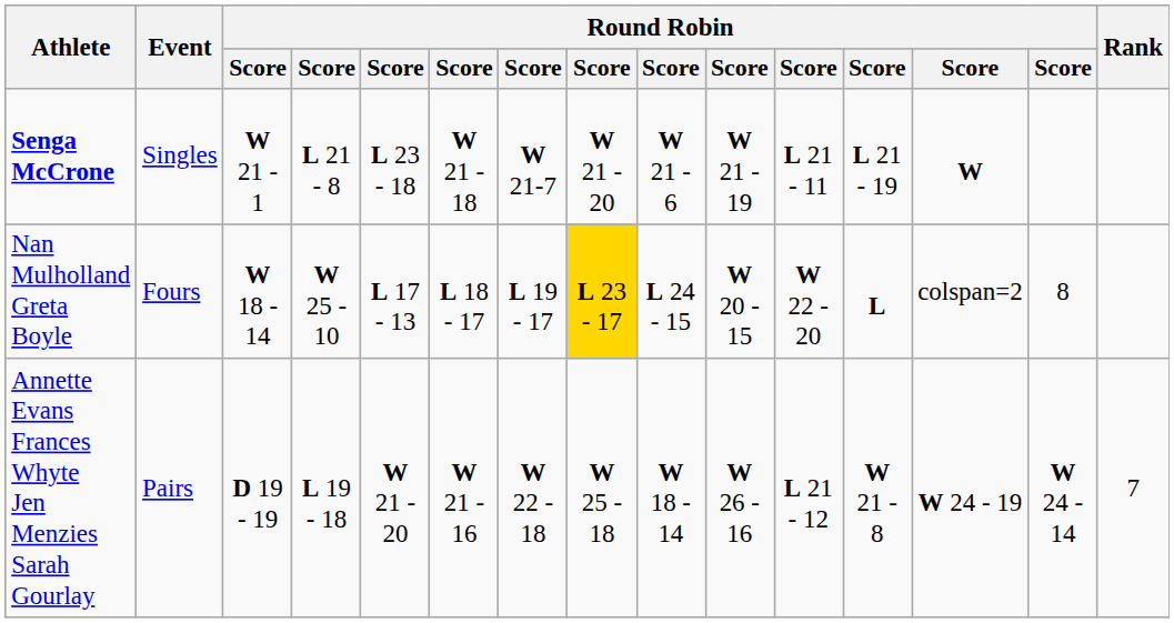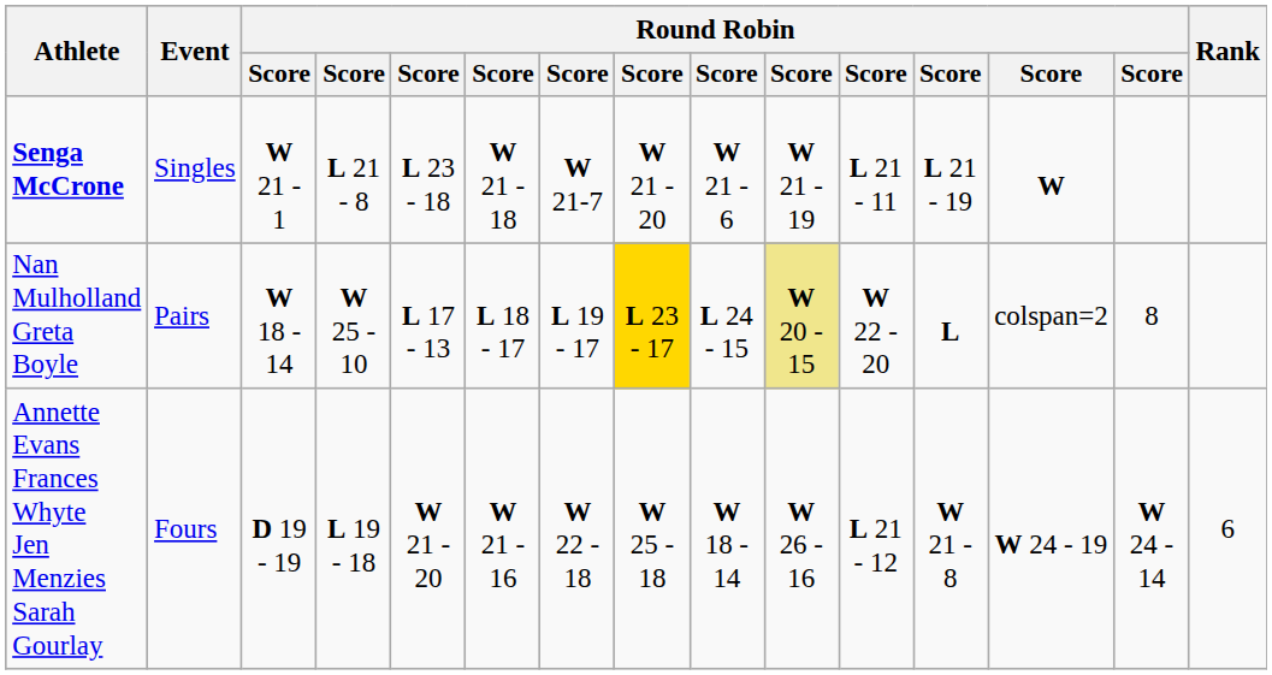 <table class="wikitable" style="font-size:88%; text-align:center">
 <tr>
 <th rowspan=2>Athlete</th>
 <th rowspan=2>Event</th>
 <th colspan=12>Round Robin</th>
 <th rowspan=2>Rank</th>
 </tr>
 <tr style="font-size:95%">
 <th>Score</th>
 <th>Score</th>
 <th>Score</th>
 <th>Score</th>
 <th>Score</th>
 <th>Score</th>
 <th>Score</th>
 <th>Score</th>
 <th>Score</th>
 <th>Score</th>
 <th>Score</th>
 <th>Score</th>
 </tr>
 <tr>
 <td align=left><strong><a href='#'>Senga McCrone</a></strong></td>
 <td align=left><a href='#'>Singles</a></td>
 <td><br><strong>W</strong> 21 - 1</td>
 <td><br><strong>L</strong> 21 - 8</td>
 <td><br><strong>L</strong> 23 - 18</td>
 <td><br><strong>W</strong> 21 - 18</td>
 <td><br><strong>W</strong> 21-7</td>
 <td><br><strong>W</strong> 21 - 20</td>
 <td><br><strong>W</strong> 21 - 6</td>
 <td><br><strong>W</strong> 21 - 19</td>
 <td><br><strong>L</strong> 21 - 11</td>
 <td><br><strong>L</strong> 21 - 19</td>
 <td><br><strong>W</strong></td>
 <td></td>
 <td></td>
 </tr>
 <tr>
 <td align=left><a href='#'>Nan Mulholland</a><br><a href='#'>Greta Boyle</a></td>
-<td align=left><a href='#'>Fours</a></td>
+<td align=left><a href='#'>Pairs</a></td>
 <td><br><strong>W</strong> 18 - 14</td>
 <td><br><strong>W</strong> 25 - 10</td>
 <td><br><strong>L</strong> 17 - 13</td>
 <td><br><strong>L</strong> 18 - 17</td>
 <td><br><strong>L</strong> 19 - 17</td>
 <td style="background: gold;"><br><strong>L</strong> 23 - 17</td>
 <td><br><strong>L</strong> 24 - 15</td>
-<td><br><strong>W</strong> 20 - 15</td>
+<td style="background: khaki;"><br><strong>W</strong> 20 - 15</td>
 <td><br><strong>W</strong> 22 - 20</td>
 <td><br><strong>L</strong></td>
 <td>colspan=2 </td>
 <td>8</td>
 </tr>
 <tr align=centre>
 <td align=left><a href='#'>Annette Evans</a><br><a href='#'>Frances Whyte</a><br><a href='#'>Jen Menzies</a><br><a href='#'>Sarah Gourlay</a></td>
-<td align=left><a href='#'>Pairs</a></td>
+<td align=left><a href='#'>Fours</a></td>
 <td><br><strong>D</strong> 19 - 19</td>
 <td><br><strong>L</strong> 19 - 18</td>
 <td><br><strong>W</strong> 21 - 20</td>
 <td><br><strong>W</strong> 21 - 16</td>
 <td><br><strong>W</strong> 22 - 18</td>
 <td><br><strong>W</strong> 25 - 18</td>
 <td><br><strong>W</strong> 18 - 14</td>
 <td><br><strong>W</strong> 26 - 16</td>
 <td><br><strong>L</strong> 21 - 12</td>
 <td><br><strong>W</strong> 21 - 8</td>
 <td><br><strong>W</strong> 24 - 19</td>
 <td><br><strong>W</strong> 24 - 14</td>
-<td>7</td>
+<td>6</td>
 </tr>
 </table>
